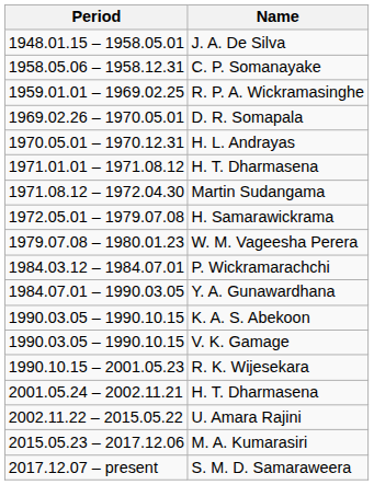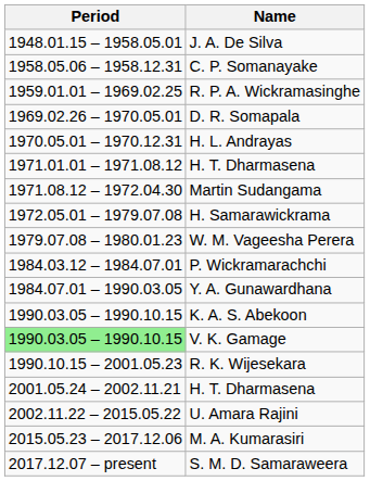 <table class="wikitable">
 <tr>
 <th>Period</th>
 <th>Name</th>
 </tr>
 <tr>
 <td>1948.01.15 – 1958.05.01</td>
 <td>J. A. De Silva</td>
 </tr>
 <tr>
 <td>1958.05.06 – 1958.12.31</td>
 <td>C. P. Somanayake</td>
 </tr>
 <tr>
 <td>1959.01.01 – 1969.02.25</td>
 <td>R. P. A. Wickramasinghe</td>
 </tr>
 <tr>
 <td>1969.02.26 – 1970.05.01</td>
 <td>D. R. Somapala</td>
 </tr>
 <tr>
 <td>1970.05.01 – 1970.12.31</td>
 <td>H. L. Andrayas</td>
 </tr>
 <tr>
 <td>1971.01.01 – 1971.08.12</td>
 <td>H. T. Dharmasena</td>
 </tr>
 <tr>
 <td>1971.08.12 – 1972.04.30</td>
 <td>Martin Sudangama</td>
 </tr>
 <tr>
 <td>1972.05.01 – 1979.07.08</td>
 <td>H. Samarawickrama</td>
 </tr>
 <tr>
 <td>1979.07.08 – 1980.01.23</td>
 <td>W. M. Vageesha Perera</td>
 </tr>
 <tr>
 <td>1984.03.12 – 1984.07.01</td>
 <td>P. Wickramarachchi</td>
 </tr>
 <tr>
 <td>1984.07.01 – 1990.03.05</td>
 <td>Y. A. Gunawardhana</td>
 </tr>
 <tr>
 <td>1990.03.05 – 1990.10.15</td>
 <td>K. A. S. Abekoon</td>
 </tr>
 <tr>
-<td>1990.03.05 – 1990.10.15</td>
+<td style="background: lightgreen;">1990.03.05 – 1990.10.15</td>
 <td>V. K. Gamage</td>
 </tr>
 <tr>
 <td>1990.10.15 – 2001.05.23</td>
 <td>R. K. Wijesekara</td>
 </tr>
 <tr>
 <td>2001.05.24 – 2002.11.21</td>
 <td>H. T. Dharmasena</td>
 </tr>
 <tr>
 <td>2002.11.22 – 2015.05.22</td>
 <td>U. Amara Rajini</td>
 </tr>
 <tr>
 <td>2015.05.23 – 2017.12.06</td>
 <td>M. A. Kumarasiri</td>
 </tr>
 <tr>
 <td>2017.12.07 – present</td>
 <td>S. M. D. Samaraweera</td>
 </tr>
 </table>
